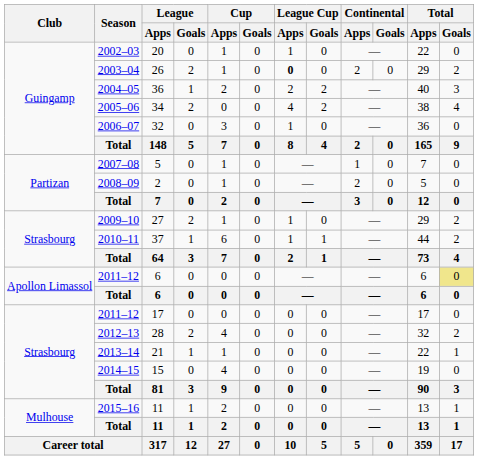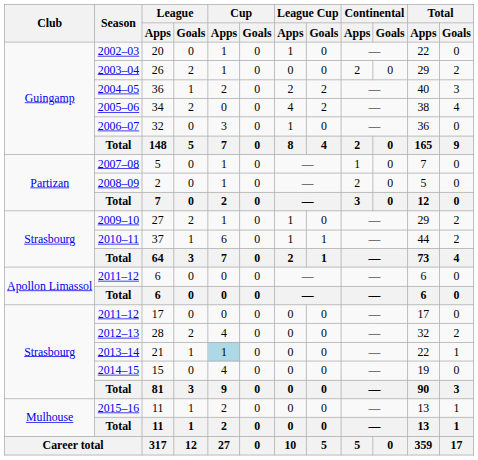 <table class="wikitable" style="text-align:center">
 <tr>
 <th rowspan="2">Club</th>
 <th rowspan="2">Season</th>
 <th colspan="2">League</th>
 <th colspan="2">Cup</th>
 <th colspan="2">League Cup</th>
 <th colspan="2">Continental</th>
 <th colspan="2">Total</th>
 </tr>
 <tr>
 <th>Apps</th>
 <th>Goals</th>
 <th>Apps</th>
 <th>Goals</th>
 <th>Apps</th>
 <th>Goals</th>
 <th>Apps</th>
 <th>Goals</th>
 <th>Apps</th>
 <th>Goals</th>
 </tr>
 <tr>
 <td rowspan="6"><a href='#'>Guingamp</a></td>
 <td><a href='#'>2002–03</a></td>
 <td>20</td>
 <td>0</td>
 <td>1</td>
 <td>0</td>
 <td>1</td>
 <td>0</td>
 <td colspan="2">—</td>
 <td>22</td>
 <td>0</td>
 </tr>
 <tr>
 <td><a href='#'>2003–04</a></td>
 <td>26</td>
 <td>2</td>
 <td>1</td>
 <td>0</td>
-<td><strong>0</strong></td>
+<td>0</td>
 <td>0</td>
 <td>2</td>
 <td>0</td>
 <td>29</td>
 <td>2</td>
 </tr>
 <tr>
 <td><a href='#'>2004–05</a></td>
 <td>36</td>
 <td>1</td>
 <td>2</td>
 <td>0</td>
 <td>2</td>
 <td>2</td>
 <td colspan="2">—</td>
 <td>40</td>
 <td>3</td>
 </tr>
 <tr>
 <td><a href='#'>2005–06</a></td>
 <td>34</td>
 <td>2</td>
 <td>0</td>
 <td>0</td>
 <td>4</td>
 <td>2</td>
 <td colspan="2">—</td>
 <td>38</td>
 <td>4</td>
 </tr>
 <tr>
 <td><a href='#'>2006–07</a></td>
 <td>32</td>
 <td>0</td>
 <td>3</td>
 <td>0</td>
 <td>1</td>
 <td>0</td>
 <td colspan="2">—</td>
 <td>36</td>
 <td>0</td>
 </tr>
 <tr>
 <th>Total</th>
 <th>148</th>
 <th>5</th>
 <th>7</th>
 <th>0</th>
 <th>8</th>
 <th>4</th>
 <th>2</th>
 <th>0</th>
 <th>165</th>
 <th>9</th>
 </tr>
 <tr>
 <td rowspan="3"><a href='#'>Partizan</a></td>
 <td><a href='#'>2007–08</a></td>
 <td>5</td>
 <td>0</td>
 <td>1</td>
 <td>0</td>
 <td colspan="2">—</td>
 <td>1</td>
 <td>0</td>
 <td>7</td>
 <td>0</td>
 </tr>
 <tr>
 <td><a href='#'>2008–09</a></td>
 <td>2</td>
 <td>0</td>
 <td>1</td>
 <td>0</td>
 <td colspan="2">—</td>
 <td>2</td>
 <td>0</td>
 <td>5</td>
 <td>0</td>
 </tr>
 <tr>
 <th>Total</th>
 <th>7</th>
 <th>0</th>
 <th>2</th>
 <th>0</th>
 <th colspan="2">—</th>
 <th>3</th>
 <th>0</th>
 <th>12</th>
 <th>0</th>
 </tr>
 <tr>
 <td rowspan="3"><a href='#'>Strasbourg</a></td>
 <td><a href='#'>2009–10</a></td>
 <td>27</td>
 <td>2</td>
 <td>1</td>
 <td>0</td>
 <td>1</td>
 <td>0</td>
 <td colspan="2">—</td>
 <td>29</td>
 <td>2</td>
 </tr>
 <tr>
 <td><a href='#'>2010–11</a></td>
 <td>37</td>
 <td>1</td>
 <td>6</td>
 <td>0</td>
 <td>1</td>
 <td>1</td>
 <td colspan="2">—</td>
 <td>44</td>
 <td>2</td>
 </tr>
 <tr>
 <th>Total</th>
 <th>64</th>
 <th>3</th>
 <th>7</th>
 <th>0</th>
 <th>2</th>
 <th>1</th>
 <th colspan="2">—</th>
 <th>73</th>
 <th>4</th>
 </tr>
 <tr>
 <td rowspan="2"><a href='#'>Apollon Limassol</a></td>
 <td><a href='#'>2011–12</a></td>
 <td>6</td>
 <td>0</td>
 <td>0</td>
 <td>0</td>
 <td colspan="2">—</td>
 <td colspan="2">—</td>
 <td>6</td>
-<td style="background: khaki;">0</td>
+<td>0</td>
 </tr>
 <tr>
 <th>Total</th>
 <th>6</th>
 <th>0</th>
 <th>0</th>
 <th>0</th>
 <th colspan="2">—</th>
 <th colspan="2">—</th>
 <th>6</th>
 <th>0</th>
 </tr>
 <tr>
 <td rowspan="5"><a href='#'>Strasbourg</a></td>
 <td><a href='#'>2011–12</a></td>
 <td>17</td>
 <td>0</td>
 <td>0</td>
 <td>0</td>
 <td>0</td>
 <td>0</td>
 <td colspan="2">—</td>
 <td>17</td>
 <td>0</td>
 </tr>
 <tr>
 <td><a href='#'>2012–13</a></td>
 <td>28</td>
 <td>2</td>
 <td>4</td>
 <td>0</td>
 <td>0</td>
 <td>0</td>
 <td colspan="2">—</td>
 <td>32</td>
 <td>2</td>
 </tr>
 <tr>
 <td><a href='#'>2013–14</a></td>
 <td>21</td>
 <td>1</td>
-<td>1</td>
+<td style="background: lightblue;">1</td>
 <td>0</td>
 <td>0</td>
 <td>0</td>
 <td colspan="2">—</td>
 <td>22</td>
 <td>1</td>
 </tr>
 <tr>
 <td><a href='#'>2014–15</a></td>
 <td>15</td>
 <td>0</td>
 <td>4</td>
 <td>0</td>
 <td>0</td>
 <td>0</td>
 <td colspan="2">—</td>
 <td>19</td>
 <td>0</td>
 </tr>
 <tr>
 <th>Total</th>
 <th>81</th>
 <th>3</th>
 <th>9</th>
 <th>0</th>
 <th>0</th>
 <th>0</th>
 <th colspan="2">—</th>
 <th>90</th>
 <th>3</th>
 </tr>
 <tr>
 <td rowspan="2"><a href='#'>Mulhouse</a></td>
 <td><a href='#'>2015–16</a></td>
 <td>11</td>
 <td>1</td>
 <td>2</td>
 <td>0</td>
 <td>0</td>
 <td>0</td>
 <td colspan="2">—</td>
 <td>13</td>
 <td>1</td>
 </tr>
 <tr>
 <th>Total</th>
 <th>11</th>
 <th>1</th>
 <th>2</th>
 <th>0</th>
 <th>0</th>
 <th>0</th>
 <th colspan="2">—</th>
 <th>13</th>
 <th>1</th>
 </tr>
 <tr>
 <th colspan="2">Career total</th>
 <th>317</th>
 <th>12</th>
 <th>27</th>
 <th>0</th>
 <th>10</th>
 <th>5</th>
 <th>5</th>
 <th>0</th>
 <th>359</th>
 <th>17</th>
 </tr>
 </table>
